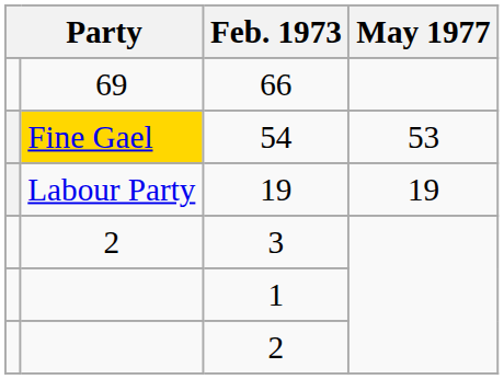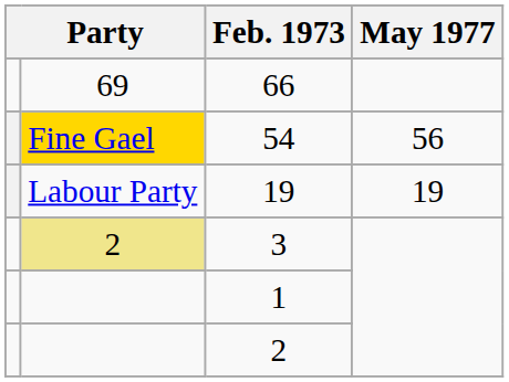 <table class="wikitable" style="font-size: 95%;">
 <tr>
 <th colspan=2>Party</th>
 <th>Feb. 1973</th>
 <th>May 1977</th>
 </tr>
 <tr>
 <td></td>
 <td align="center">69</td>
 <td align="center">66</td>
 </tr>
 <tr>
 <th style="background-color: "></th>
 <td style="background: gold;"><a href='#'>Fine Gael</a></td>
 <td align="center">54</td>
-<td align="center">53</td>
+<td align="center">56</td>
 </tr>
 <tr>
 <th style="background-color: "></th>
 <td><a href='#'>Labour Party</a></td>
 <td align="center">19</td>
 <td align="center">19</td>
 </tr>
 <tr>
 <td></td>
-<td align="center">2</td>
+<td align="center" style="background: khaki;">2</td>
 <td align="center">3</td>
 </tr>
 <tr>
 <td></td>
 <td></td>
 <td align="center">1</td>
 </tr>
 <tr>
 <td></td>
 <td></td>
 <td align="center">2</td>
 </tr>
 </table>
